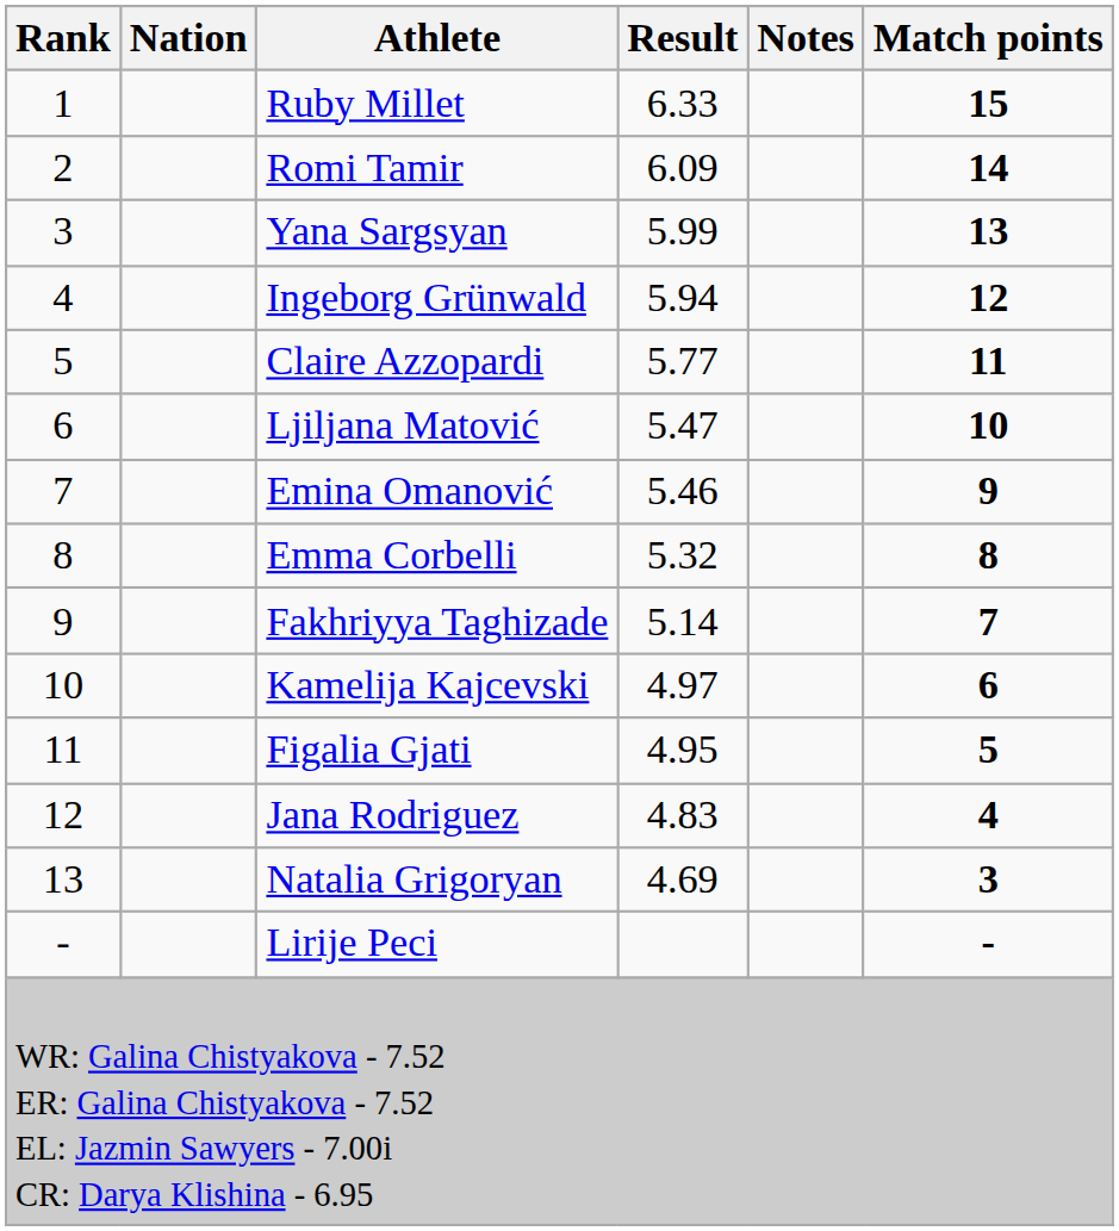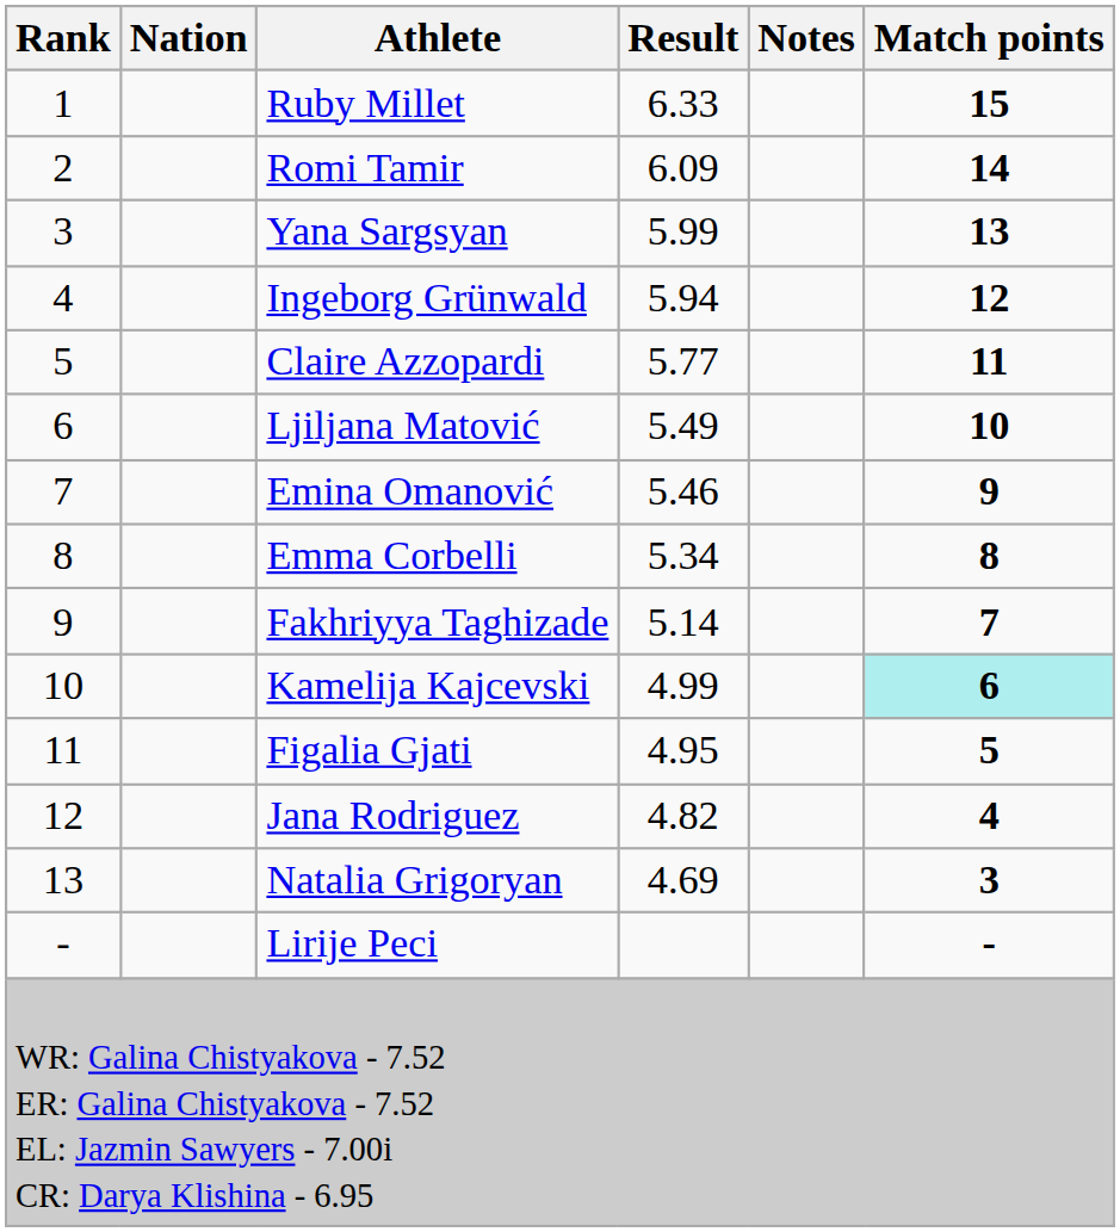 <table class="wikitable sortable" style="text-align:left;">
 <tr>
 <th>Rank</th>
 <th>Nation</th>
 <th>Athlete</th>
 <th>Result</th>
 <th>Notes</th>
 <th>Match points</th>
 </tr>
 <tr>
 <td align=center>1</td>
 <td></td>
 <td><a href='#'>Ruby Millet</a></td>
 <td align=center>6.33</td>
 <td></td>
 <td align=center><strong>15</strong></td>
 </tr>
 <tr>
 <td align=center>2</td>
 <td></td>
 <td><a href='#'>Romi Tamir</a></td>
 <td align=center>6.09</td>
 <td align=center></td>
 <td align=center><strong>14</strong></td>
 </tr>
 <tr>
 <td align=center>3</td>
 <td></td>
 <td><a href='#'>Yana Sargsyan</a></td>
 <td align=center>5.99</td>
 <td align=center></td>
 <td align=center><strong>13</strong></td>
 </tr>
 <tr>
 <td align=center>4</td>
 <td></td>
 <td><a href='#'>Ingeborg Grünwald</a></td>
 <td align=center>5.94</td>
 <td></td>
 <td align=center><strong>12</strong></td>
 </tr>
 <tr>
 <td align=center>5</td>
 <td></td>
 <td><a href='#'>Claire Azzopardi</a></td>
 <td align=center>5.77</td>
 <td></td>
 <td align=center><strong>11</strong></td>
 </tr>
 <tr>
 <td align=center>6</td>
 <td></td>
 <td><a href='#'>Ljiljana Matović</a></td>
-<td align=center>5.47</td>
+<td align=center>5.49</td>
 <td align=center></td>
 <td align=center><strong>10</strong></td>
 </tr>
 <tr>
 <td align=center>7</td>
 <td></td>
 <td><a href='#'>Emina Omanović</a></td>
 <td align=center>5.46</td>
 <td></td>
 <td align=center><strong>9</strong></td>
 </tr>
 <tr>
 <td align=center>8</td>
 <td></td>
 <td><a href='#'>Emma Corbelli</a></td>
-<td align=center>5.32</td>
+<td align=center>5.34</td>
 <td align=center></td>
 <td align=center><strong>8</strong></td>
 </tr>
 <tr>
 <td align=center>9</td>
 <td></td>
 <td><a href='#'>Fakhriyya Taghizade</a></td>
 <td align=center>5.14</td>
 <td></td>
 <td align=center><strong>7</strong></td>
 </tr>
 <tr>
 <td align=center>10</td>
 <td></td>
 <td><a href='#'>Kamelija Kajcevski</a></td>
-<td align=center>4.97</td>
+<td align=center>4.99</td>
 <td></td>
-<td align=center><strong>6</strong></td>
+<td align=center style="background: paleturquoise;"><strong>6</strong></td>
 </tr>
 <tr>
 <td align=center>11</td>
 <td></td>
 <td><a href='#'>Figalia Gjati</a></td>
 <td align=center>4.95</td>
 <td align=center></td>
 <td align=center><strong>5</strong></td>
 </tr>
 <tr>
 <td align=center>12</td>
 <td></td>
 <td><a href='#'>Jana Rodriguez</a></td>
-<td align=center>4.83</td>
+<td align=center>4.82</td>
 <td align=center></td>
 <td align=center><strong>4</strong></td>
 </tr>
 <tr>
 <td align=center>13</td>
 <td></td>
 <td><a href='#'>Natalia Grigoryan</a></td>
 <td align=center>4.69</td>
 <td align=center></td>
 <td align=center><strong>3</strong></td>
 </tr>
 <tr>
 <td align=center>-</td>
 <td></td>
 <td><a href='#'>Lirije Peci</a></td>
 <td align=center></td>
 <td></td>
 <td align=center><strong>-</strong></td>
 </tr>
 <tr>
 <td colspan="6" bgcolor="#cccccc"><br> <small>WR:  <a href='#'>Galina Chistyakova</a> - 7.52<br>ER:  <a href='#'>Galina Chistyakova</a> - 7.52<br></small> <small>EL:   <a href='#'>Jazmin Sawyers</a> - 7.00i<br>CR:  <a href='#'>Darya Klishina</a> - 6.95</small></td>
 </tr>
 </table>
